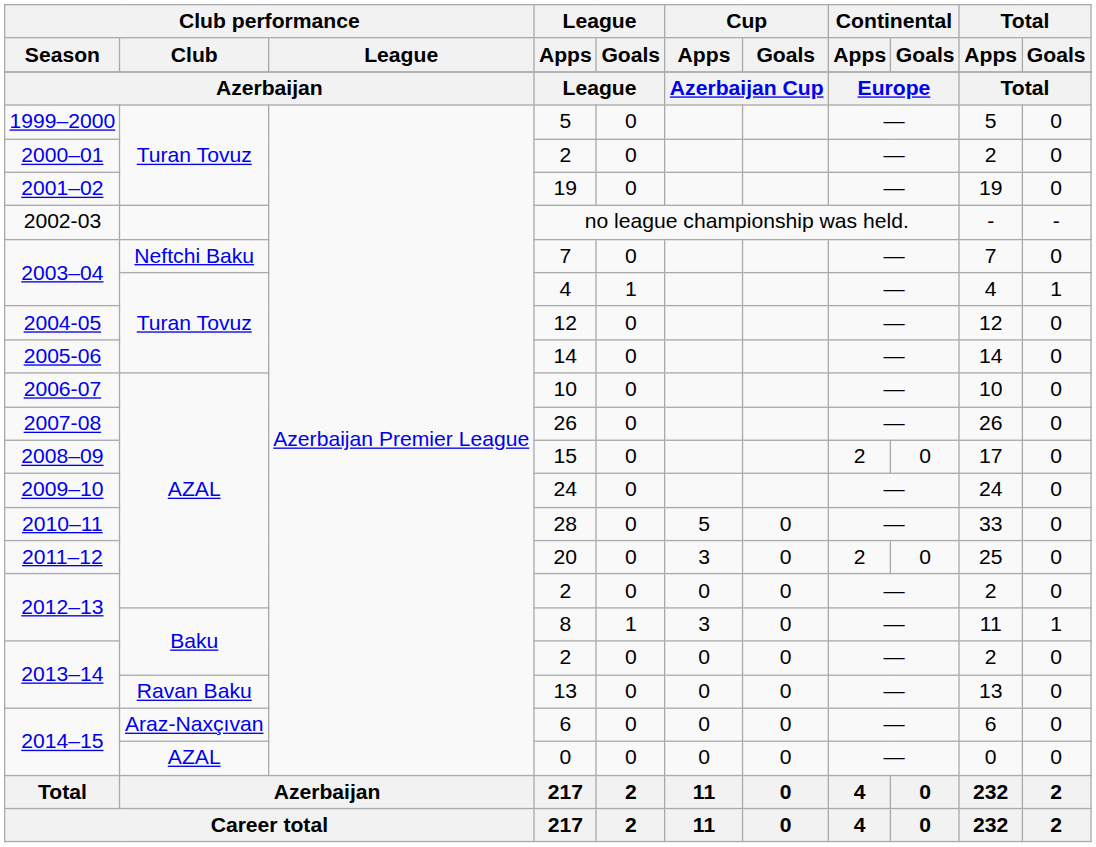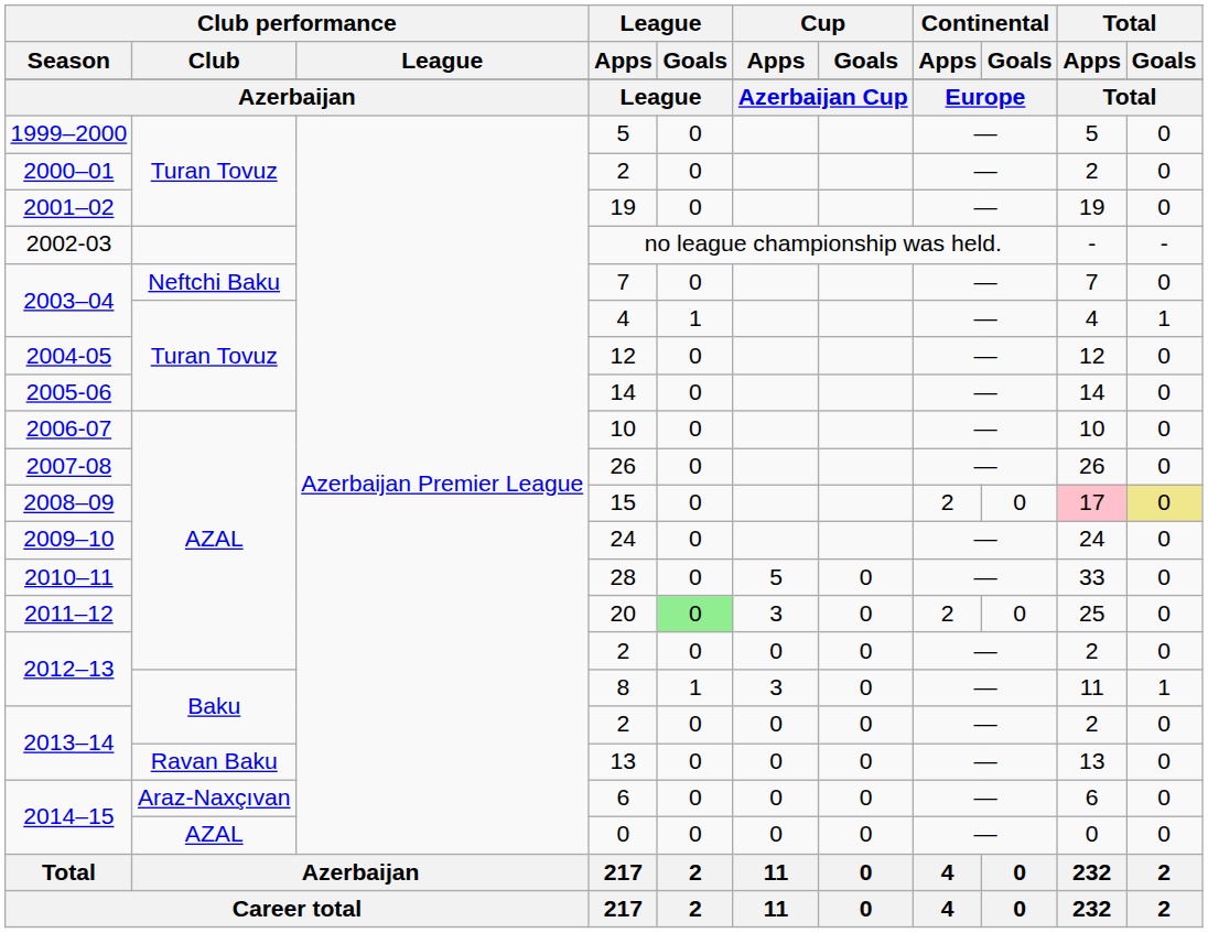 <table class="wikitable" style="text-align:center">
 <tr>
 <th colspan=3>Club performance</th>
 <th colspan=2>League</th>
 <th colspan=2>Cup</th>
 <th colspan=2>Continental</th>
 <th colspan=2>Total</th>
 </tr>
 <tr>
 <th>Season</th>
 <th>Club</th>
 <th>League</th>
 <th>Apps</th>
 <th>Goals</th>
 <th>Apps</th>
 <th>Goals</th>
 <th>Apps</th>
 <th>Goals</th>
 <th>Apps</th>
 <th>Goals</th>
 </tr>
 <tr>
 </tr>
 <tr>
 <th colspan=3>Azerbaijan</th>
 <th colspan=2>League</th>
 <th colspan=2><a href='#'>Azerbaijan Cup</a></th>
 <th colspan=2><a href='#'>Europe</a></th>
 <th colspan=2>Total</th>
 </tr>
 <tr>
 <td><a href='#'>1999–2000</a></td>
 <td rowspan="3"><a href='#'>Turan Tovuz</a></td>
 <td rowspan="20"><a href='#'>Azerbaijan Premier League</a></td>
 <td>5</td>
 <td>0</td>
 <td></td>
 <td></td>
 <td colspan="2">—</td>
 <td>5</td>
 <td>0</td>
 </tr>
 <tr>
 <td><a href='#'>2000–01</a></td>
 <td>2</td>
 <td>0</td>
 <td></td>
 <td></td>
 <td colspan="2">—</td>
 <td>2</td>
 <td>0</td>
 </tr>
 <tr>
 <td><a href='#'>2001–02</a></td>
 <td>19</td>
 <td>0</td>
 <td></td>
 <td></td>
 <td colspan="2">—</td>
 <td>19</td>
 <td>0</td>
 </tr>
 <tr>
 <td>2002-03</td>
 <td></td>
 <td colspan="6">no league championship was held.</td>
 <td>-</td>
 <td>-</td>
 </tr>
 <tr>
 <td rowspan="2"><a href='#'>2003–04</a></td>
 <td><a href='#'>Neftchi Baku</a></td>
 <td>7</td>
 <td>0</td>
 <td></td>
 <td></td>
 <td colspan="2">—</td>
 <td>7</td>
 <td>0</td>
 </tr>
 <tr>
 <td rowspan="3"><a href='#'>Turan Tovuz</a></td>
 <td>4</td>
 <td>1</td>
 <td></td>
 <td></td>
 <td colspan="2">—</td>
 <td>4</td>
 <td>1</td>
 </tr>
 <tr>
 <td><a href='#'>2004-05</a></td>
 <td>12</td>
 <td>0</td>
 <td></td>
 <td></td>
 <td colspan="2">—</td>
 <td>12</td>
 <td>0</td>
 </tr>
 <tr>
 <td><a href='#'>2005-06</a></td>
 <td>14</td>
 <td>0</td>
 <td></td>
 <td></td>
 <td colspan="2">—</td>
 <td>14</td>
 <td>0</td>
 </tr>
 <tr>
 <td><a href='#'>2006-07</a></td>
 <td rowspan="7"><a href='#'>AZAL</a></td>
 <td>10</td>
 <td>0</td>
 <td></td>
 <td></td>
 <td colspan="2">—</td>
 <td>10</td>
 <td>0</td>
 </tr>
 <tr>
 <td><a href='#'>2007-08</a></td>
 <td>26</td>
 <td>0</td>
 <td></td>
 <td></td>
 <td colspan="2">—</td>
 <td>26</td>
 <td>0</td>
 </tr>
 <tr>
 <td><a href='#'>2008–09</a></td>
 <td>15</td>
 <td>0</td>
 <td></td>
 <td></td>
 <td>2</td>
 <td>0</td>
-<td>17</td>
-<td>0</td>
+<td style="background: pink;">17</td>
+<td style="background: khaki;">0</td>
 </tr>
 <tr>
 <td><a href='#'>2009–10</a></td>
 <td>24</td>
 <td>0</td>
 <td></td>
 <td></td>
 <td colspan="2">—</td>
 <td>24</td>
 <td>0</td>
 </tr>
 <tr>
 <td><a href='#'>2010–11</a></td>
 <td>28</td>
 <td>0</td>
 <td>5</td>
 <td>0</td>
 <td colspan="2">—</td>
 <td>33</td>
 <td>0</td>
 </tr>
 <tr>
 <td><a href='#'>2011–12</a></td>
 <td>20</td>
-<td>0</td>
+<td style="background: lightgreen;">0</td>
 <td>3</td>
 <td>0</td>
 <td>2</td>
 <td>0</td>
 <td>25</td>
 <td>0</td>
 </tr>
 <tr>
 <td rowspan="2"><a href='#'>2012–13</a></td>
 <td>2</td>
 <td>0</td>
 <td>0</td>
 <td>0</td>
 <td colspan="2">—</td>
 <td>2</td>
 <td>0</td>
 </tr>
 <tr>
 <td rowspan="2"><a href='#'>Baku</a></td>
 <td>8</td>
 <td>1</td>
 <td>3</td>
 <td>0</td>
 <td colspan="2">—</td>
 <td>11</td>
 <td>1</td>
 </tr>
 <tr>
 <td rowspan="2"><a href='#'>2013–14</a></td>
 <td>2</td>
 <td>0</td>
 <td>0</td>
 <td>0</td>
 <td colspan="2">—</td>
 <td>2</td>
 <td>0</td>
 </tr>
 <tr>
 <td><a href='#'>Ravan Baku</a></td>
 <td>13</td>
 <td>0</td>
 <td>0</td>
 <td>0</td>
 <td colspan="2">—</td>
 <td>13</td>
 <td>0</td>
 </tr>
 <tr>
 <td rowspan="2"><a href='#'>2014–15</a></td>
 <td><a href='#'>Araz-Naxçıvan</a></td>
 <td>6</td>
 <td>0</td>
 <td>0</td>
 <td>0</td>
 <td colspan="2">—</td>
 <td>6</td>
 <td>0</td>
 </tr>
 <tr>
 <td><a href='#'>AZAL</a></td>
 <td>0</td>
 <td>0</td>
 <td>0</td>
 <td>0</td>
 <td colspan="2">—</td>
 <td>0</td>
 <td>0</td>
 </tr>
 <tr>
 <th rowspan=1>Total</th>
 <th colspan=2>Azerbaijan</th>
 <th>217</th>
 <th>2</th>
 <th>11</th>
 <th>0</th>
 <th>4</th>
 <th>0</th>
 <th>232</th>
 <th>2</th>
 </tr>
 <tr>
 <th colspan=3>Career total</th>
 <th>217</th>
 <th>2</th>
 <th>11</th>
 <th>0</th>
 <th>4</th>
 <th>0</th>
 <th>232</th>
 <th>2</th>
 </tr>
 </table>
